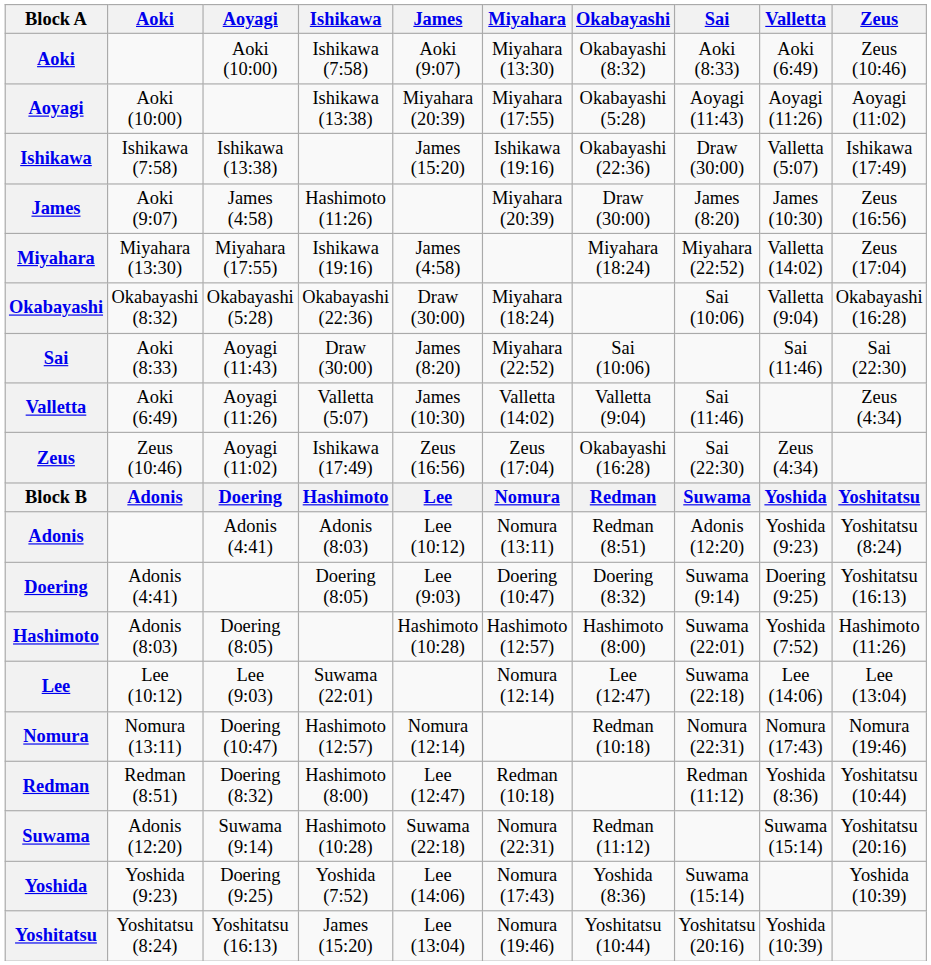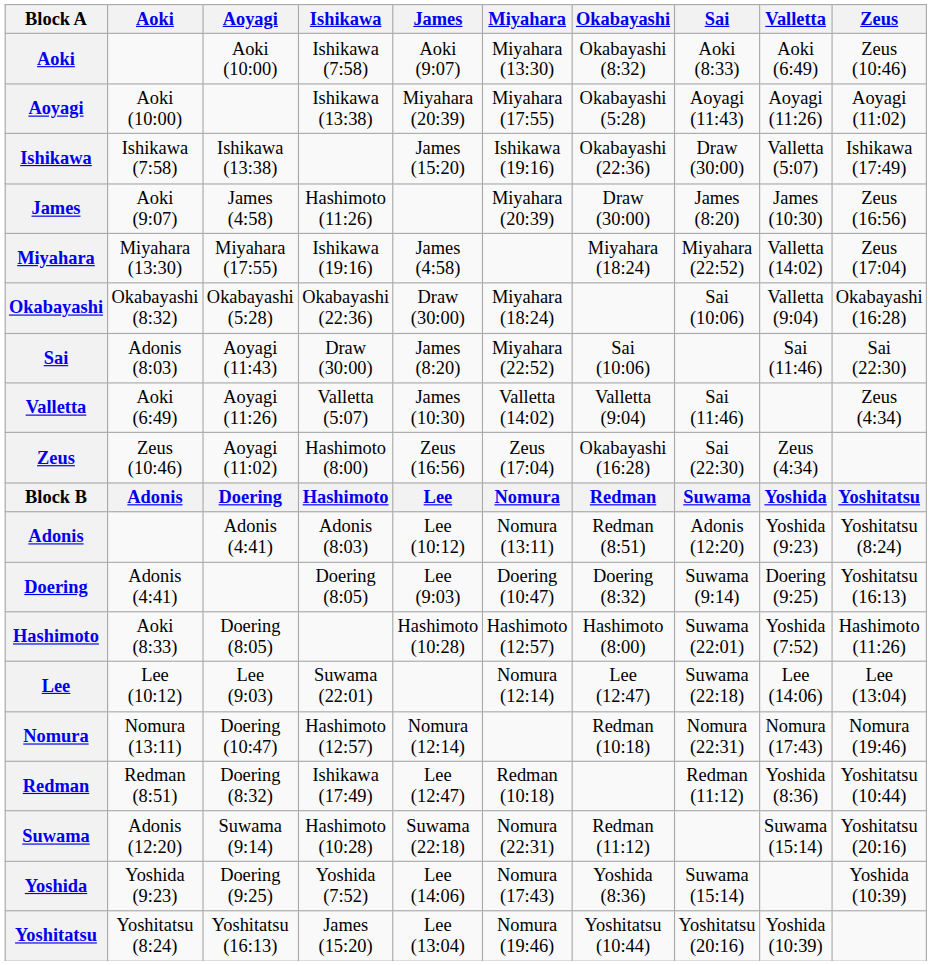 <table class="wikitable" style="margin: 1em auto 1em auto; text-align:center;">
 <tr>
 <th>Block A</th>
 <th><a href='#'>Aoki</a></th>
 <th><a href='#'>Aoyagi</a></th>
 <th><a href='#'>Ishikawa</a></th>
 <th><a href='#'>James</a></th>
 <th><a href='#'>Miyahara</a></th>
 <th><a href='#'>Okabayashi</a></th>
 <th><a href='#'>Sai</a></th>
 <th><a href='#'>Valletta</a></th>
 <th><a href='#'>Zeus</a></th>
 </tr>
 <tr>
 <th><a href='#'>Aoki</a></th>
 <td></td>
 <td>Aoki<br>(10:00)</td>
 <td>Ishikawa<br>(7:58)</td>
 <td>Aoki<br>(9:07)</td>
 <td>Miyahara<br>(13:30)</td>
 <td>Okabayashi<br>(8:32)</td>
 <td>Aoki<br>(8:33)</td>
 <td>Aoki<br>(6:49)</td>
 <td>Zeus<br>(10:46)</td>
 </tr>
 <tr>
 <th><a href='#'>Aoyagi</a></th>
 <td>Aoki<br>(10:00)</td>
 <td></td>
 <td>Ishikawa<br>(13:38)</td>
 <td>Miyahara<br>(20:39)</td>
 <td>Miyahara<br>(17:55)</td>
 <td>Okabayashi<br>(5:28)</td>
 <td>Aoyagi<br>(11:43)</td>
 <td>Aoyagi<br>(11:26)</td>
 <td>Aoyagi<br>(11:02)</td>
 </tr>
 <tr>
 <th><a href='#'>Ishikawa</a></th>
 <td>Ishikawa<br>(7:58)</td>
 <td>Ishikawa<br>(13:38)</td>
 <td></td>
 <td>James<br>(15:20)</td>
 <td>Ishikawa<br>(19:16)</td>
 <td>Okabayashi<br>(22:36)</td>
 <td>Draw<br>(30:00)</td>
 <td>Valletta<br>(5:07)</td>
 <td>Ishikawa<br>(17:49)</td>
 </tr>
 <tr>
 <th><a href='#'>James</a></th>
 <td>Aoki<br>(9:07)</td>
 <td>James<br>(4:58)</td>
 <td>Hashimoto<br>(11:26)</td>
 <td></td>
 <td>Miyahara<br>(20:39)</td>
 <td>Draw<br>(30:00)</td>
 <td>James<br>(8:20)</td>
 <td>James<br>(10:30)</td>
 <td>Zeus<br>(16:56)</td>
 </tr>
 <tr>
 <th><a href='#'>Miyahara</a></th>
 <td>Miyahara<br>(13:30)</td>
 <td>Miyahara<br>(17:55)</td>
 <td>Ishikawa<br>(19:16)</td>
 <td>James<br>(4:58)</td>
 <td></td>
 <td>Miyahara<br>(18:24)</td>
 <td>Miyahara<br>(22:52)</td>
 <td>Valletta<br>(14:02)</td>
 <td>Zeus<br>(17:04)</td>
 </tr>
 <tr>
 <th><a href='#'>Okabayashi</a></th>
 <td>Okabayashi<br>(8:32)</td>
 <td>Okabayashi<br>(5:28)</td>
 <td>Okabayashi<br>(22:36)</td>
 <td>Draw<br>(30:00)</td>
 <td>Miyahara<br>(18:24)</td>
 <td></td>
 <td>Sai<br>(10:06)</td>
 <td>Valletta<br>(9:04)</td>
 <td>Okabayashi<br>(16:28)</td>
 </tr>
 <tr>
 <th><a href='#'>Sai</a></th>
-<td>Aoki<br>(8:33)</td>
+<td>Adonis<br>(8:03)</td>
 <td>Aoyagi<br>(11:43)</td>
 <td>Draw<br>(30:00)</td>
 <td>James<br>(8:20)</td>
 <td>Miyahara<br>(22:52)</td>
 <td>Sai<br>(10:06)</td>
 <td></td>
 <td>Sai<br>(11:46)</td>
 <td>Sai<br>(22:30)</td>
 </tr>
 <tr>
 <th><a href='#'>Valletta</a></th>
 <td>Aoki<br>(6:49)</td>
 <td>Aoyagi<br>(11:26)</td>
 <td>Valletta<br>(5:07)</td>
 <td>James<br>(10:30)</td>
 <td>Valletta<br>(14:02)</td>
 <td>Valletta<br>(9:04)</td>
 <td>Sai<br>(11:46)</td>
 <td></td>
 <td>Zeus<br>(4:34)</td>
 </tr>
 <tr>
 <th><a href='#'>Zeus</a></th>
 <td>Zeus<br>(10:46)</td>
 <td>Aoyagi<br>(11:02)</td>
-<td>Ishikawa<br>(17:49)</td>
+<td>Hashimoto<br>(8:00)</td>
 <td>Zeus<br>(16:56)</td>
 <td>Zeus<br>(17:04)</td>
 <td>Okabayashi<br>(16:28)</td>
 <td>Sai<br>(22:30)</td>
 <td>Zeus<br>(4:34)</td>
 <td></td>
 </tr>
 <tr>
 <th>Block B</th>
 <th><a href='#'>Adonis</a></th>
 <th><a href='#'>Doering</a></th>
 <th><a href='#'>Hashimoto</a></th>
 <th><a href='#'>Lee</a></th>
 <th><a href='#'>Nomura</a></th>
 <th><a href='#'>Redman</a></th>
 <th><a href='#'>Suwama</a></th>
 <th><a href='#'>Yoshida</a></th>
 <th><a href='#'>Yoshitatsu</a></th>
 </tr>
 <tr>
 <th><a href='#'>Adonis</a></th>
 <td></td>
 <td>Adonis<br>(4:41)</td>
 <td>Adonis<br>(8:03)</td>
 <td>Lee<br>(10:12)</td>
 <td>Nomura<br>(13:11)</td>
 <td>Redman<br>(8:51)</td>
 <td>Adonis<br>(12:20)</td>
 <td>Yoshida<br>(9:23)</td>
 <td>Yoshitatsu<br>(8:24)</td>
 </tr>
 <tr>
 <th><a href='#'>Doering</a></th>
 <td>Adonis<br>(4:41)</td>
 <td></td>
 <td>Doering<br>(8:05)</td>
 <td>Lee<br>(9:03)</td>
 <td>Doering<br>(10:47)</td>
 <td>Doering<br>(8:32)</td>
 <td>Suwama<br>(9:14)</td>
 <td>Doering<br>(9:25)</td>
 <td>Yoshitatsu<br>(16:13)</td>
 </tr>
 <tr>
 <th><a href='#'>Hashimoto</a></th>
-<td>Adonis<br>(8:03)</td>
+<td>Aoki<br>(8:33)</td>
 <td>Doering<br>(8:05)</td>
 <td></td>
 <td>Hashimoto<br>(10:28)</td>
 <td>Hashimoto<br>(12:57)</td>
 <td>Hashimoto<br>(8:00)</td>
 <td>Suwama<br>(22:01)</td>
 <td>Yoshida<br>(7:52)</td>
 <td>Hashimoto<br>(11:26)</td>
 </tr>
 <tr>
 <th><a href='#'>Lee</a></th>
 <td>Lee<br>(10:12)</td>
 <td>Lee<br>(9:03)</td>
 <td>Suwama<br>(22:01)</td>
 <td></td>
 <td>Nomura<br>(12:14)</td>
 <td>Lee<br>(12:47)</td>
 <td>Suwama<br>(22:18)</td>
 <td>Lee<br>(14:06)</td>
 <td>Lee<br>(13:04)</td>
 </tr>
 <tr>
 <th><a href='#'>Nomura</a></th>
 <td>Nomura<br>(13:11)</td>
 <td>Doering<br>(10:47)</td>
 <td>Hashimoto<br>(12:57)</td>
 <td>Nomura<br>(12:14)</td>
 <td></td>
 <td>Redman<br>(10:18)</td>
 <td>Nomura<br>(22:31)</td>
 <td>Nomura<br>(17:43)</td>
 <td>Nomura<br>(19:46)</td>
 </tr>
 <tr>
 <th><a href='#'>Redman</a></th>
 <td>Redman<br>(8:51)</td>
 <td>Doering<br>(8:32)</td>
-<td>Hashimoto<br>(8:00)</td>
+<td>Ishikawa<br>(17:49)</td>
 <td>Lee<br>(12:47)</td>
 <td>Redman<br>(10:18)</td>
 <td></td>
 <td>Redman<br>(11:12)</td>
 <td>Yoshida<br>(8:36)</td>
 <td>Yoshitatsu<br>(10:44)</td>
 </tr>
 <tr>
 <th><a href='#'>Suwama</a></th>
 <td>Adonis<br>(12:20)</td>
 <td>Suwama<br>(9:14)</td>
 <td>Hashimoto<br>(10:28)</td>
 <td>Suwama<br>(22:18)</td>
 <td>Nomura<br>(22:31)</td>
 <td>Redman<br>(11:12)</td>
 <td></td>
 <td>Suwama<br>(15:14)</td>
 <td>Yoshitatsu<br>(20:16)</td>
 </tr>
 <tr>
 <th><a href='#'>Yoshida</a></th>
 <td>Yoshida<br>(9:23)</td>
 <td>Doering<br>(9:25)</td>
 <td>Yoshida<br>(7:52)</td>
 <td>Lee<br>(14:06)</td>
 <td>Nomura<br>(17:43)</td>
 <td>Yoshida<br>(8:36)</td>
 <td>Suwama<br>(15:14)</td>
 <td></td>
 <td>Yoshida<br>(10:39)</td>
 </tr>
 <tr>
 <th><a href='#'>Yoshitatsu</a></th>
 <td>Yoshitatsu<br>(8:24)</td>
 <td>Yoshitatsu<br>(16:13)</td>
 <td>James<br>(15:20)</td>
 <td>Lee<br>(13:04)</td>
 <td>Nomura<br>(19:46)</td>
 <td>Yoshitatsu<br>(10:44)</td>
 <td>Yoshitatsu<br>(20:16)</td>
 <td>Yoshida<br>(10:39)</td>
 <td></td>
 </tr>
 <tr>
 </tr>
 </table>
